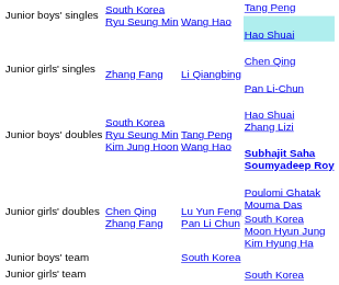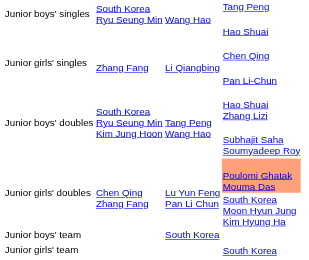 <table>
 <tr>
 <td rowspan=2>Junior boys' singles</td>
 <td rowspan=2> <a href='#'>South Korea</a><br><a href='#'>Ryu Seung Min</a></td>
 <td rowspan=2><br><a href='#'>Wang Hao</a></td>
 <td><br><a href='#'>Tang Peng</a></td>
 </tr>
 <tr>
-<td style="background: paleturquoise;"><br><a href='#'>Hao Shuai</a></td>
+<td><br><a href='#'>Hao Shuai</a></td>
 </tr>
 <tr>
 <td rowspan=2>Junior girls' singles</td>
 <td rowspan=2><br><a href='#'>Zhang Fang</a></td>
 <td rowspan=2><br><a href='#'>Li Qiangbing</a></td>
 <td><br><a href='#'>Chen Qing</a></td>
 </tr>
 <tr>
 <td><br><a href='#'>Pan Li-Chun</a></td>
 </tr>
 <tr>
 <td rowspan=2>Junior boys' doubles</td>
 <td rowspan=2> <a href='#'>South Korea</a><br><a href='#'>Ryu Seung Min</a><br><a href='#'>Kim Jung Hoon</a></td>
 <td rowspan=2><br><a href='#'>Tang Peng</a><br><a href='#'>Wang Hao</a></td>
 <td><br><a href='#'>Hao Shuai</a><br><a href='#'>Zhang Lizi</a></td>
 </tr>
 <tr>
-<td><strong><br><a href='#'>Subhajit Saha</a><br><a href='#'>Soumyadeep Roy</a></strong></td>
+<td><br><a href='#'>Subhajit Saha</a><br><a href='#'>Soumyadeep Roy</a></td>
 </tr>
 <tr>
 <td rowspan=2>Junior girls' doubles</td>
 <td rowspan=2><br><a href='#'>Chen Qing</a><br><a href='#'>Zhang Fang</a></td>
 <td rowspan=2><br><a href='#'>Lu Yun Feng</a><br><a href='#'>Pan Li Chun</a></td>
-<td><br><a href='#'>Poulomi Ghatak</a><br><a href='#'>Mouma Das</a></td>
+<td style="background: lightsalmon;"><br><a href='#'>Poulomi Ghatak</a><br><a href='#'>Mouma Das</a></td>
 </tr>
 <tr>
 <td> <a href='#'>South Korea</a><br><a href='#'>Moon Hyun Jung</a><br><a href='#'>Kim Hyung Ha</a></td>
 </tr>
 <tr>
 <td rowspan=2>Junior boys' team</td>
 <td rowspan=2></td>
 <td rowspan=2> <a href='#'>South Korea</a></td>
 <td></td>
 </tr>
 <tr>
 <td></td>
 </tr>
 <tr>
 <td rowspan=2>Junior girls' team</td>
 <td rowspan=2></td>
 <td rowspan=2></td>
 <td></td>
 </tr>
 <tr>
 <td> <a href='#'>South Korea</a></td>
 </tr>
 </table>
